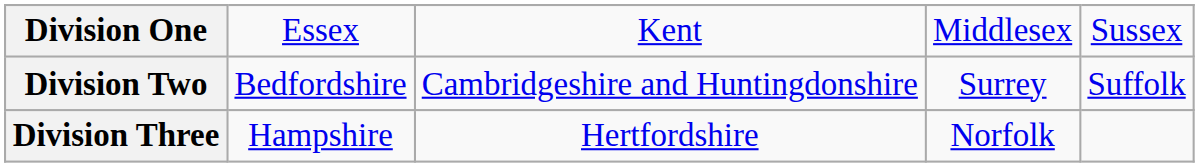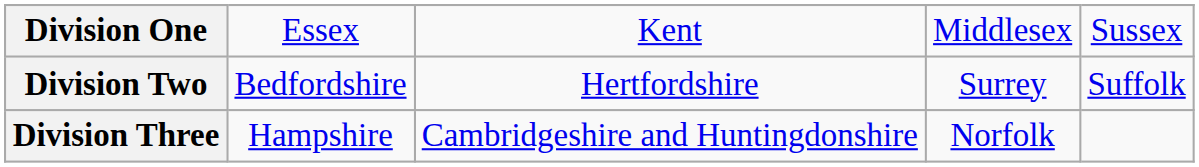 <table class="wikitable" style="text-align: center" style="font-size: 95%; border: 1px #aaaaaa solid; border-collapse: collapse; clear:center;">
 <tr>
 <th>Division One</th>
 <td><a href='#'>Essex</a></td>
 <td><a href='#'>Kent</a></td>
 <td><a href='#'>Middlesex</a></td>
 <td><a href='#'>Sussex</a></td>
 </tr>
 <tr>
 <th>Division Two</th>
 <td><a href='#'>Bedfordshire</a></td>
-<td><a href='#'>Cambridgeshire and Huntingdonshire</a></td>
+<td><a href='#'>Hertfordshire</a></td>
 <td><a href='#'>Surrey</a></td>
 <td><a href='#'>Suffolk</a></td>
 </tr>
 <tr>
 <th>Division Three</th>
 <td><a href='#'>Hampshire</a></td>
-<td><a href='#'>Hertfordshire</a></td>
+<td><a href='#'>Cambridgeshire and Huntingdonshire</a></td>
 <td><a href='#'>Norfolk</a></td>
 </tr>
 </table>
